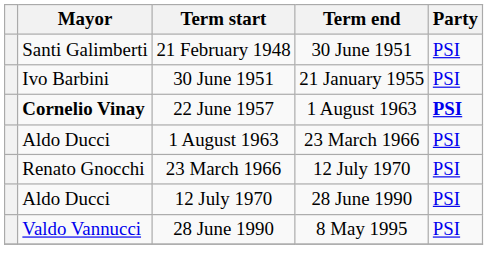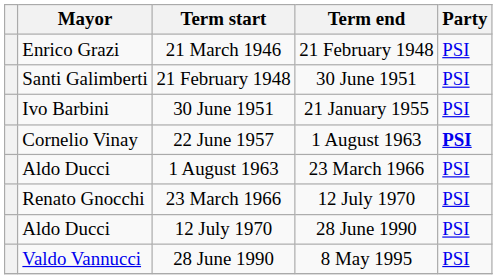 <table class="wikitable">
 <tr>
 <th class=unsortable> </th>
 <th>Mayor</th>
 <th>Term start</th>
 <th>Term end</th>
 <th>Party</th>
+</tr>
+<tr>
+<th style="background:"></th>
+<td>Enrico Grazi</td>
+<td align=center>21 March 1946</td>
+<td align=center>21 February 1948</td>
+<td><a href='#'>PSI</a></td>
 </tr>
 <tr>
 <th style="background:"></th>
 <td>Santi Galimberti</td>
 <td align=center>21 February 1948</td>
 <td align=center>30 June 1951</td>
 <td><a href='#'>PSI</a></td>
 </tr>
 <tr>
 <th style="background:"></th>
 <td>Ivo Barbini</td>
 <td align=center>30 June 1951</td>
 <td align=center>21 January 1955</td>
 <td><a href='#'>PSI</a></td>
 </tr>
 <tr>
 <th style="background:"></th>
-<td><strong>Cornelio Vinay</strong></td>
+<td>Cornelio Vinay</td>
 <td align=center>22 June 1957</td>
 <td align=center>1 August 1963</td>
 <td><strong><a href='#'>PSI</a></strong></td>
 </tr>
 <tr>
 <th style="background:"></th>
 <td>Aldo Ducci</td>
 <td align=center>1 August 1963</td>
 <td align=center>23 March 1966</td>
 <td><a href='#'>PSI</a></td>
 </tr>
 <tr>
 <th style="background:"></th>
 <td>Renato Gnocchi</td>
 <td align=center>23 March 1966</td>
 <td align=center>12 July 1970</td>
 <td><a href='#'>PSI</a></td>
 </tr>
 <tr>
 <th style="background:"></th>
 <td>Aldo Ducci</td>
 <td align=center>12 July 1970</td>
 <td align=center>28 June 1990</td>
 <td><a href='#'>PSI</a></td>
 </tr>
 <tr>
 <th style="background:"></th>
 <td><a href='#'>Valdo Vannucci</a></td>
 <td align=center>28 June 1990</td>
 <td align=center>8 May 1995</td>
 <td><a href='#'>PSI</a></td>
 </tr>
 <tr>
 </tr>
 </table>
